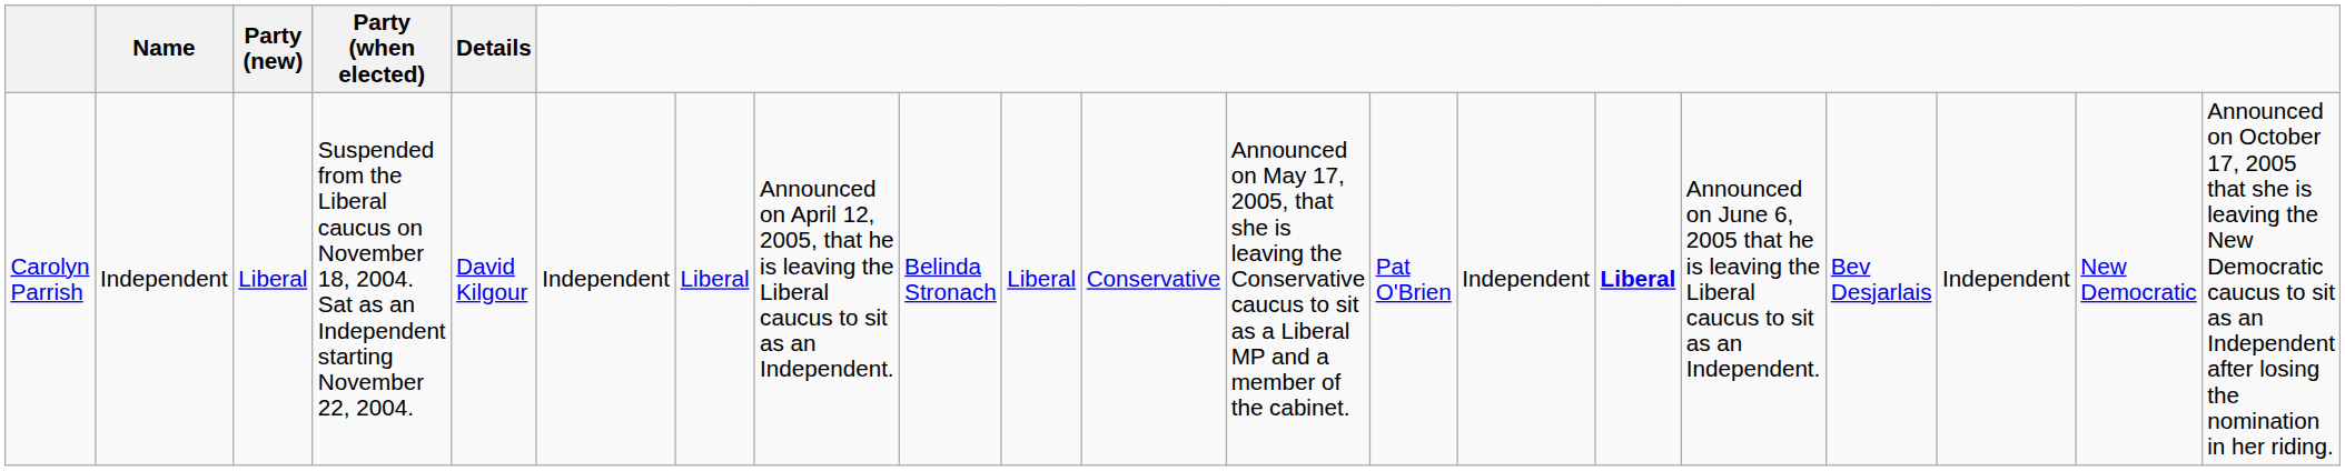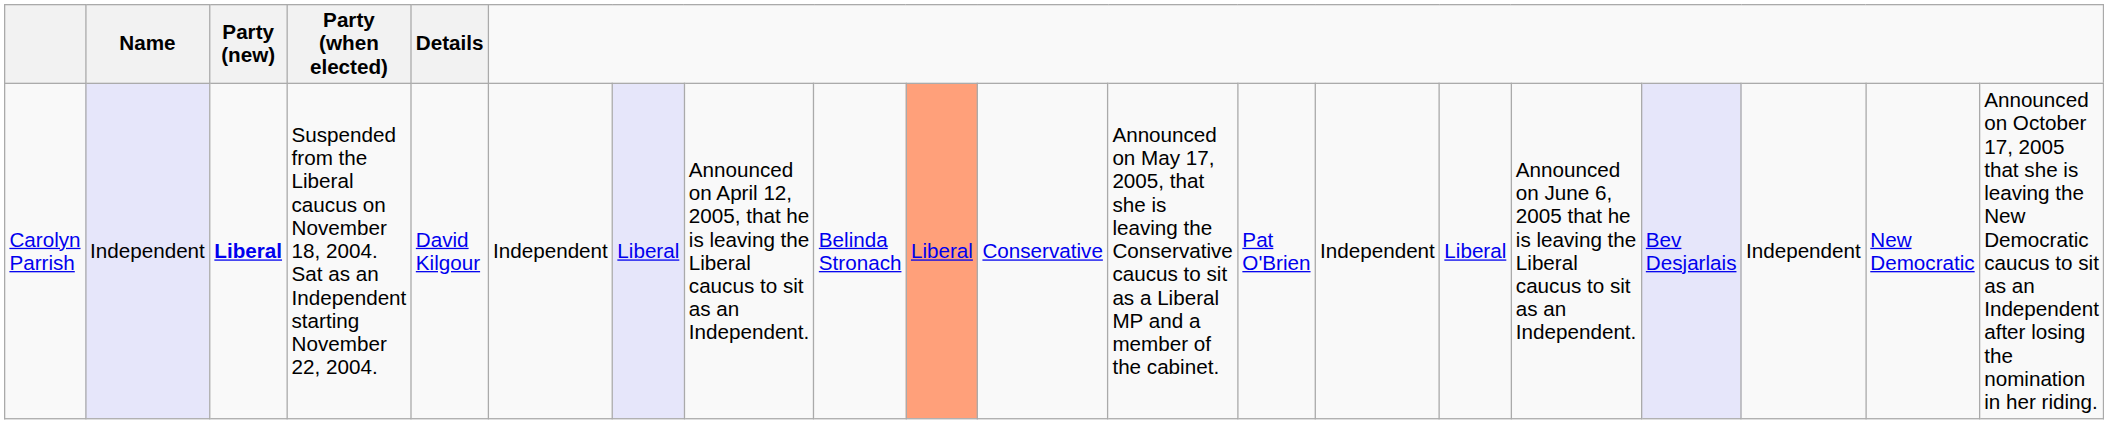 <table class="wikitable">
 <tr>
 <th></th>
 <th>Name</th>
 <th>Party (new)</th>
 <th>Party (when elected)</th>
 <th>Details</th>
 </tr>
 <tr>
 <td><a href='#'>Carolyn Parrish</a></td>
-<td>Independent</td>
-<td><a href='#'>Liberal</a></td>
+<td style="background: lavender;">Independent</td>
+<td><strong><a href='#'>Liberal</a></strong></td>
 <td>Suspended from the Liberal caucus on November 18, 2004. Sat as an Independent starting November 22, 2004.<br></td>
 <td><a href='#'>David Kilgour</a></td>
 <td>Independent</td>
-<td><a href='#'>Liberal</a></td>
+<td style="background: lavender;"><a href='#'>Liberal</a></td>
 <td>Announced on April 12, 2005, that he is leaving the Liberal caucus to sit as an Independent.<br></td>
 <td><a href='#'>Belinda Stronach</a></td>
-<td><a href='#'>Liberal</a></td>
+<td style="background: lightsalmon;"><a href='#'>Liberal</a></td>
 <td><a href='#'>Conservative</a></td>
 <td>Announced on May 17, 2005, that she is leaving the Conservative caucus to sit as a Liberal MP and a member of the cabinet.<br></td>
 <td><a href='#'>Pat O'Brien</a></td>
 <td>Independent</td>
-<td><strong><a href='#'>Liberal</a></strong></td>
+<td><a href='#'>Liberal</a></td>
 <td>Announced on June 6, 2005 that he is leaving the Liberal caucus to sit as an Independent.<br></td>
-<td><a href='#'>Bev Desjarlais</a></td>
+<td style="background: lavender;"><a href='#'>Bev Desjarlais</a></td>
 <td>Independent</td>
 <td><a href='#'>New Democratic</a></td>
 <td>Announced on October 17, 2005 that she is leaving the New Democratic caucus to sit as an Independent after losing the nomination in her riding.</td>
 </tr>
 </table>
